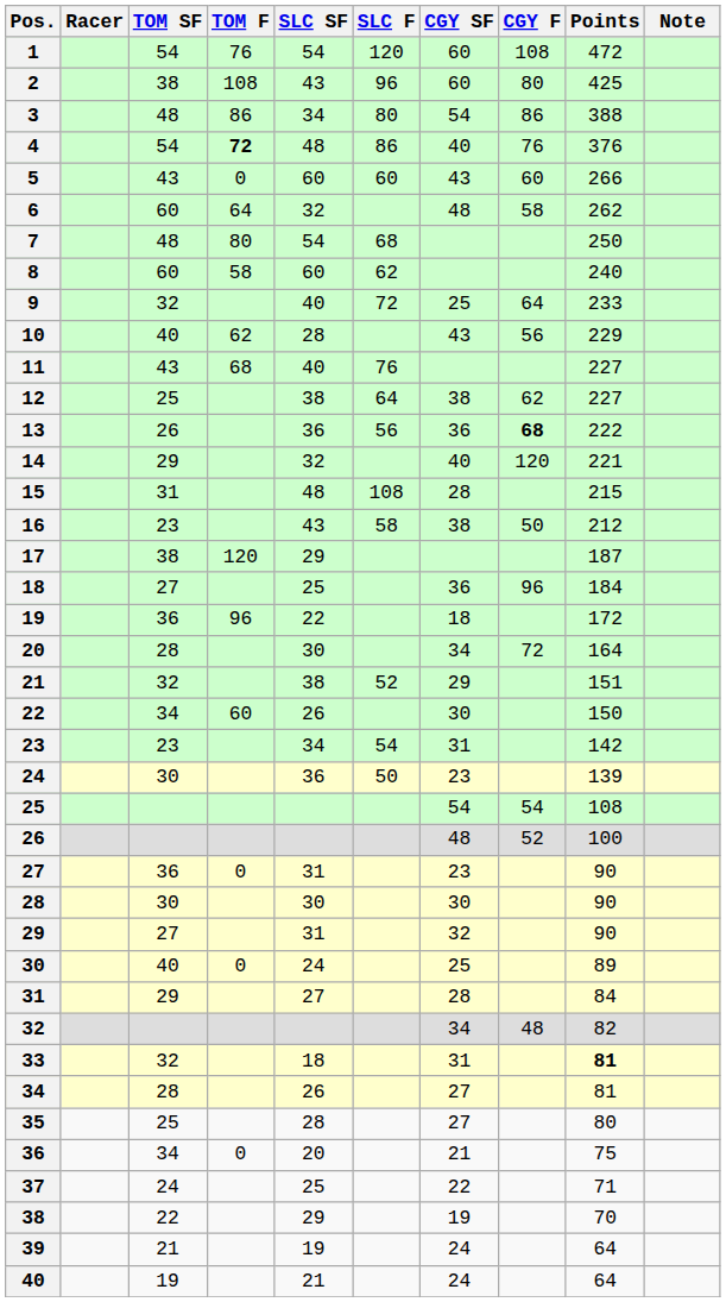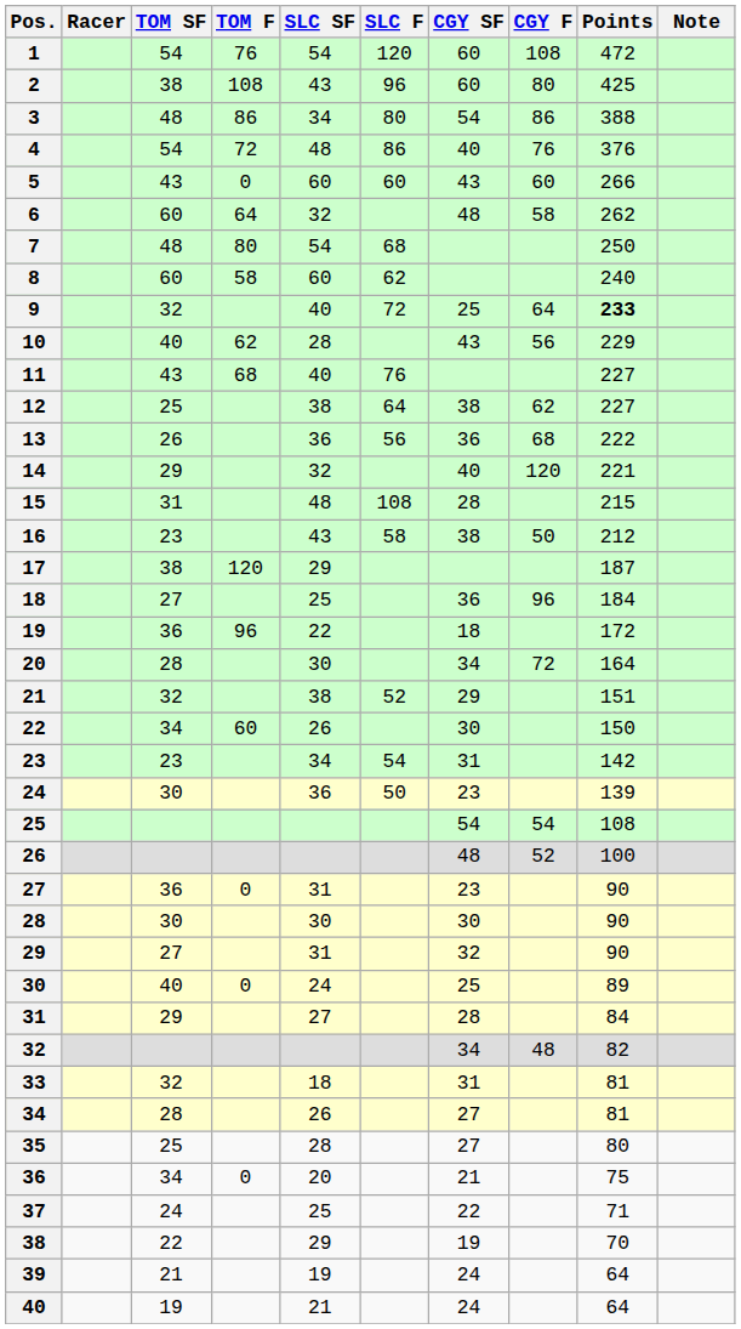 <table class="wikitable sortable plainrowheaders" style="text-align:center;">
 <tr>
 <th scope="col">Pos.</th>
 <th scope="col">Racer</th>
 <th scope="col"> <a href='#'>TOM</a> SF</th>
 <th scope="col"> <a href='#'>TOM</a> F</th>
 <th scope="col"> <a href='#'>SLC</a> SF</th>
 <th scope="col"> <a href='#'>SLC</a> F</th>
 <th scope="col"> <a href='#'>CGY</a> SF</th>
 <th scope="col"> <a href='#'>CGY</a> F</th>
 <th style="width:45px;">Points</th>
 <th style="width:45px;">Note</th>
 </tr>
 <tr bgcolor=#ccffcc>
 <th style="text - align:center; ">1</th>
 <td align="left"></td>
 <td>54</td>
 <td>76</td>
 <td>54</td>
 <td>120</td>
 <td>60</td>
 <td>108</td>
 <td>472</td>
 <td></td>
 </tr>
 <tr bgcolor=#ccffcc>
 <th style="text - align:center; ">2</th>
 <td align="left"></td>
 <td>38</td>
 <td>108</td>
 <td>43</td>
 <td>96</td>
 <td>60</td>
 <td>80</td>
 <td>425</td>
 <td></td>
 </tr>
 <tr bgcolor=#ccffcc>
 <th style="text - align:center; ">3</th>
 <td align="left"></td>
 <td>48</td>
 <td>86</td>
 <td>34</td>
 <td>80</td>
 <td>54</td>
 <td>86</td>
 <td>388</td>
 <td></td>
 </tr>
 <tr bgcolor=#ccffcc>
 <th style="text - align:center; ">4</th>
 <td align="left"></td>
 <td>54</td>
-<td><strong>72</strong></td>
+<td>72</td>
 <td>48</td>
 <td>86</td>
 <td>40</td>
 <td>76</td>
 <td>376</td>
 <td></td>
 </tr>
 <tr bgcolor=#ccffcc>
 <th style="text - align:center; ">5</th>
 <td align="left"></td>
 <td>43</td>
 <td>0</td>
 <td>60</td>
 <td>60</td>
 <td>43</td>
 <td>60</td>
 <td>266</td>
 <td></td>
 </tr>
 <tr bgcolor=#ccffcc>
 <th style="text - align:center; ">6</th>
 <td align="left"></td>
 <td>60</td>
 <td>64</td>
 <td>32</td>
 <td></td>
 <td>48</td>
 <td>58</td>
 <td>262</td>
 <td></td>
 </tr>
 <tr bgcolor=#ccffcc>
 <th style="text - align:center; ">7</th>
 <td align="left"></td>
 <td>48</td>
 <td>80</td>
 <td>54</td>
 <td>68</td>
 <td></td>
 <td></td>
 <td>250</td>
 <td></td>
 </tr>
 <tr bgcolor=#ccffcc>
 <th style="text - align:center; ">8</th>
 <td align="left"></td>
 <td>60</td>
 <td>58</td>
 <td>60</td>
 <td>62</td>
 <td></td>
 <td></td>
 <td>240</td>
 <td></td>
 </tr>
 <tr bgcolor=#ccffcc>
 <th style="text - align:center; ">9</th>
 <td align="left"></td>
 <td>32</td>
 <td></td>
 <td>40</td>
 <td>72</td>
 <td>25</td>
 <td>64</td>
-<td>233</td>
+<td><strong>233</strong></td>
 <td></td>
 </tr>
 <tr bgcolor=#ccffcc>
 <th style="text - align:center; ">10</th>
 <td align="left"></td>
 <td>40</td>
 <td>62</td>
 <td>28</td>
 <td></td>
 <td>43</td>
 <td>56</td>
 <td>229</td>
 <td></td>
 </tr>
 <tr bgcolor=#ccffcc>
 <th style="text - align:center; ">11</th>
 <td align="left"></td>
 <td>43</td>
 <td>68</td>
 <td>40</td>
 <td>76</td>
 <td></td>
 <td></td>
 <td>227</td>
 <td></td>
 </tr>
 <tr bgcolor=#ccffcc>
 <th style="text - align:center; ">12</th>
 <td align="left"></td>
 <td>25</td>
 <td></td>
 <td>38</td>
 <td>64</td>
 <td>38</td>
 <td>62</td>
 <td>227</td>
 <td></td>
 </tr>
 <tr bgcolor=#ccffcc>
 <th style="text - align:center; ">13</th>
 <td align="left"></td>
 <td>26</td>
 <td></td>
 <td>36</td>
 <td>56</td>
 <td>36</td>
-<td><strong>68</strong></td>
+<td>68</td>
 <td>222</td>
 <td></td>
 </tr>
 <tr bgcolor=#ccffcc>
 <th style="text - align:center; ">14</th>
 <td align="left"></td>
 <td>29</td>
 <td></td>
 <td>32</td>
 <td></td>
 <td>40</td>
 <td>120</td>
 <td>221</td>
 <td></td>
 </tr>
 <tr bgcolor=#ccffcc>
 <th style="text - align:center; ">15</th>
 <td align="left"></td>
 <td>31</td>
 <td></td>
 <td>48</td>
 <td>108</td>
 <td>28</td>
 <td></td>
 <td>215</td>
 <td></td>
 </tr>
 <tr bgcolor=#ccffcc>
 <th style="text - align:center; ">16</th>
 <td align="left"></td>
 <td>23</td>
 <td></td>
 <td>43</td>
 <td>58</td>
 <td>38</td>
 <td>50</td>
 <td>212</td>
 <td></td>
 </tr>
 <tr bgcolor=#ccffcc>
 <th style="text - align:center; ">17</th>
 <td align="left"></td>
 <td>38</td>
 <td>120</td>
 <td>29</td>
 <td></td>
 <td></td>
 <td></td>
 <td>187</td>
 <td></td>
 </tr>
 <tr bgcolor=#ccffcc>
 <th style="text - align:center; ">18</th>
 <td align="left"></td>
 <td>27</td>
 <td></td>
 <td>25</td>
 <td></td>
 <td>36</td>
 <td>96</td>
 <td>184</td>
 <td></td>
 </tr>
 <tr bgcolor=#ccffcc>
 <th style="text - align:center; ">19</th>
 <td align="left"></td>
 <td>36</td>
 <td>96</td>
 <td>22</td>
 <td></td>
 <td>18</td>
 <td></td>
 <td>172</td>
 <td></td>
 </tr>
 <tr bgcolor=#ccffcc>
 <th style="text - align:center; ">20</th>
 <td align="left"></td>
 <td>28</td>
 <td></td>
 <td>30</td>
 <td></td>
 <td>34</td>
 <td>72</td>
 <td>164</td>
 <td></td>
 </tr>
 <tr bgcolor=#ccffcc>
 <th style="text - align:center; ">21</th>
 <td align="left"></td>
 <td>32</td>
 <td></td>
 <td>38</td>
 <td>52</td>
 <td>29</td>
 <td></td>
 <td>151</td>
 <td></td>
 </tr>
 <tr bgcolor=#ccffcc>
 <th style="text - align:center; ">22</th>
 <td align="left"></td>
 <td>34</td>
 <td>60</td>
 <td>26</td>
 <td></td>
 <td>30</td>
 <td></td>
 <td>150</td>
 <td></td>
 </tr>
 <tr bgcolor=#ccffcc>
 <th style="text - align:center; ">23</th>
 <td align="left"></td>
 <td>23</td>
 <td></td>
 <td>34</td>
 <td>54</td>
 <td>31</td>
 <td></td>
 <td>142</td>
 <td></td>
 </tr>
 <tr bgcolor=#ffffcc>
 <th style="text - align:center; ">24</th>
 <td align="left"></td>
 <td>30</td>
 <td></td>
 <td>36</td>
 <td>50</td>
 <td>23</td>
 <td></td>
 <td>139</td>
 <td></td>
 </tr>
 <tr bgcolor=#ccffcc>
 <th style="text - align:center; ">25</th>
 <td align="left"></td>
 <td></td>
 <td></td>
 <td></td>
 <td></td>
 <td>54</td>
 <td>54</td>
 <td>108</td>
 <td></td>
 </tr>
 <tr bgcolor=#dddddd>
 <th style="text - align:center; ">26</th>
 <td align="left"></td>
 <td></td>
 <td></td>
 <td></td>
 <td></td>
 <td>48</td>
 <td>52</td>
 <td>100</td>
 <td></td>
 </tr>
 <tr bgcolor=#ffffcc>
 <th style="text - align:center; ">27</th>
 <td align="left"></td>
 <td>36</td>
 <td>0</td>
 <td>31</td>
 <td></td>
 <td>23</td>
 <td></td>
 <td>90</td>
 <td></td>
 </tr>
 <tr bgcolor="#ffffcc">
 <th style="text - align:center; ">28</th>
 <td align="left"></td>
 <td>30</td>
 <td></td>
 <td>30</td>
 <td></td>
 <td>30</td>
 <td></td>
 <td>90</td>
 <td></td>
 </tr>
 <tr bgcolor="#ffffcc">
 <th style="text - align:center; ">29</th>
 <td align="left"></td>
 <td>27</td>
 <td></td>
 <td>31</td>
 <td></td>
 <td>32</td>
 <td></td>
 <td>90</td>
 <td></td>
 </tr>
 <tr bgcolor=#ffffcc>
 <th style="text - align:center; ">30</th>
 <td align="left"></td>
 <td>40</td>
 <td>0</td>
 <td>24</td>
 <td></td>
 <td>25</td>
 <td></td>
 <td>89</td>
 <td></td>
 </tr>
 <tr bgcolor=#ffffcc>
 <th style="text - align:center; ">31</th>
 <td align="left"></td>
 <td>29</td>
 <td></td>
 <td>27</td>
 <td></td>
 <td>28</td>
 <td></td>
 <td>84</td>
 <td></td>
 </tr>
 <tr bgcolor=#dddddd>
 <th style="text - align:center; ">32</th>
 <td align="left"></td>
 <td></td>
 <td></td>
 <td></td>
 <td></td>
 <td>34</td>
 <td>48</td>
 <td>82</td>
 <td></td>
 </tr>
 <tr bgcolor=#ffffcc>
 <th style="text - align:center; ">33</th>
 <td align="left"></td>
 <td>32</td>
 <td></td>
 <td>18</td>
 <td></td>
 <td>31</td>
 <td></td>
-<td><strong>81</strong></td>
+<td>81</td>
 <td></td>
 </tr>
 <tr bgcolor=#ffffcc>
 <th style="text - align:center; ">34</th>
 <td align="left"></td>
 <td>28</td>
 <td></td>
 <td>26</td>
 <td></td>
 <td>27</td>
 <td></td>
 <td>81</td>
 <td></td>
 </tr>
 <tr>
 <th style="text - align:center; ">35</th>
 <td align="left"></td>
 <td>25</td>
 <td></td>
 <td>28</td>
 <td></td>
 <td>27</td>
 <td></td>
 <td>80</td>
 <td></td>
 </tr>
 <tr>
 <th style="text - align:center; ">36</th>
 <td align="left"></td>
 <td>34</td>
 <td>0</td>
 <td>20</td>
 <td></td>
 <td>21</td>
 <td></td>
 <td>75</td>
 <td></td>
 </tr>
 <tr>
 <th style="text - align:center; ">37</th>
 <td align="left"></td>
 <td>24</td>
 <td></td>
 <td>25</td>
 <td></td>
 <td>22</td>
 <td></td>
 <td>71</td>
 <td></td>
 </tr>
 <tr>
 <th style="text - align:center; ">38</th>
 <td align="left"></td>
 <td>22</td>
 <td></td>
 <td>29</td>
 <td></td>
 <td>19</td>
 <td></td>
 <td>70</td>
 <td></td>
 </tr>
 <tr>
 <th style="text - align:center; ">39</th>
 <td align="left"></td>
 <td>21</td>
 <td></td>
 <td>19</td>
 <td></td>
 <td>24</td>
 <td></td>
 <td>64</td>
 <td></td>
 </tr>
 <tr>
 <th style="text - align:center; ">40</th>
 <td align="left"></td>
 <td>19</td>
 <td></td>
 <td>21</td>
 <td></td>
 <td>24</td>
 <td></td>
 <td>64</td>
 <td></td>
 </tr>
 </table>
